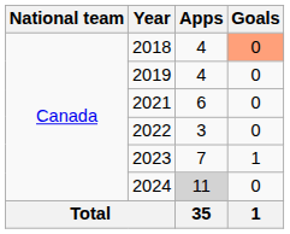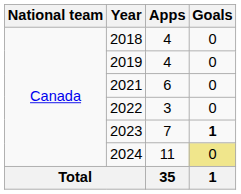 <table class="wikitable" style="text-align:center">
 <tr>
 <th>National team</th>
 <th>Year</th>
 <th>Apps</th>
 <th>Goals</th>
 </tr>
 <tr>
 <td rowspan="6"><a href='#'>Canada</a></td>
 <td>2018</td>
 <td>4</td>
-<td style="background: lightsalmon;">0</td>
+<td>0</td>
 </tr>
 <tr>
 <td>2019</td>
 <td>4</td>
 <td>0</td>
 </tr>
 <tr>
 <td>2021</td>
 <td>6</td>
 <td>0</td>
 </tr>
 <tr>
 <td>2022</td>
 <td>3</td>
 <td>0</td>
 </tr>
 <tr>
 <td>2023</td>
 <td>7</td>
-<td>1</td>
+<td><strong>1</strong></td>
 </tr>
 <tr>
 <td>2024</td>
-<td style="background: lightgrey;">11</td>
-<td>0</td>
+<td>11</td>
+<td style="background: khaki;">0</td>
 </tr>
 <tr>
 <th colspan="2">Total</th>
 <th>35</th>
 <th>1</th>
 </tr>
 </table>
